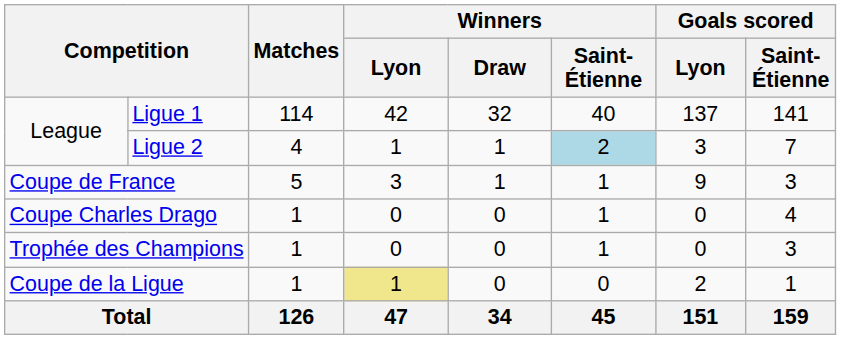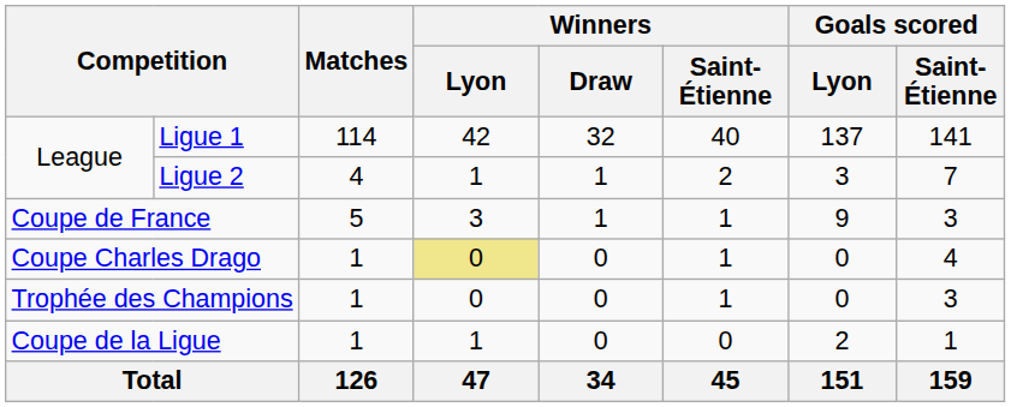 <table class="wikitable" style="text-align:center">
 <tr>
 <th width=160 rowspan=2 colspan=2>Competition</th>
 <th width=60 rowspan=2>Matches</th>
 <th colspan=3>Winners</th>
 <th colspan=2>Goals scored</th>
 </tr>
 <tr>
 <th width=70>Lyon</th>
 <th width=70>Draw</th>
 <th width=70>Saint-Étienne</th>
 <th width=60>Lyon</th>
 <th width=60>Saint-Étienne</th>
 </tr>
 <tr>
 <td rowspan=2>League</td>
 <td align=left><a href='#'>Ligue 1</a></td>
 <td>114</td>
 <td>42</td>
 <td>32</td>
 <td>40</td>
 <td>137</td>
 <td>141</td>
 </tr>
 <tr>
 <td align=left><a href='#'>Ligue 2</a></td>
 <td>4</td>
 <td>1</td>
 <td>1</td>
-<td style="background: lightblue;">2</td>
+<td>2</td>
 <td>3</td>
 <td>7</td>
 </tr>
 <tr>
 <td align=left colspan=2><a href='#'>Coupe de France</a></td>
 <td>5</td>
 <td>3</td>
 <td>1</td>
 <td>1</td>
 <td>9</td>
 <td>3</td>
 </tr>
 <tr>
 <td align=left colspan=2><a href='#'>Coupe Charles Drago</a></td>
 <td>1</td>
-<td>0</td>
+<td style="background: khaki;">0</td>
 <td>0</td>
 <td>1</td>
 <td>0</td>
 <td>4</td>
 </tr>
 <tr>
 <td align=left colspan=2><a href='#'>Trophée des Champions</a></td>
 <td>1</td>
 <td>0</td>
 <td>0</td>
 <td>1</td>
 <td>0</td>
 <td>3</td>
 </tr>
 <tr>
 <td align=left colspan=2><a href='#'>Coupe de la Ligue</a></td>
 <td>1</td>
-<td style="background: khaki;">1</td>
+<td>1</td>
 <td>0</td>
 <td>0</td>
 <td>2</td>
 <td>1</td>
 </tr>
 <tr class="sortbottom">
 <th align=left colspan=2>Total</th>
 <th>126</th>
 <th>47</th>
 <th>34</th>
 <th>45</th>
 <th>151</th>
 <th>159</th>
 </tr>
 </table>
